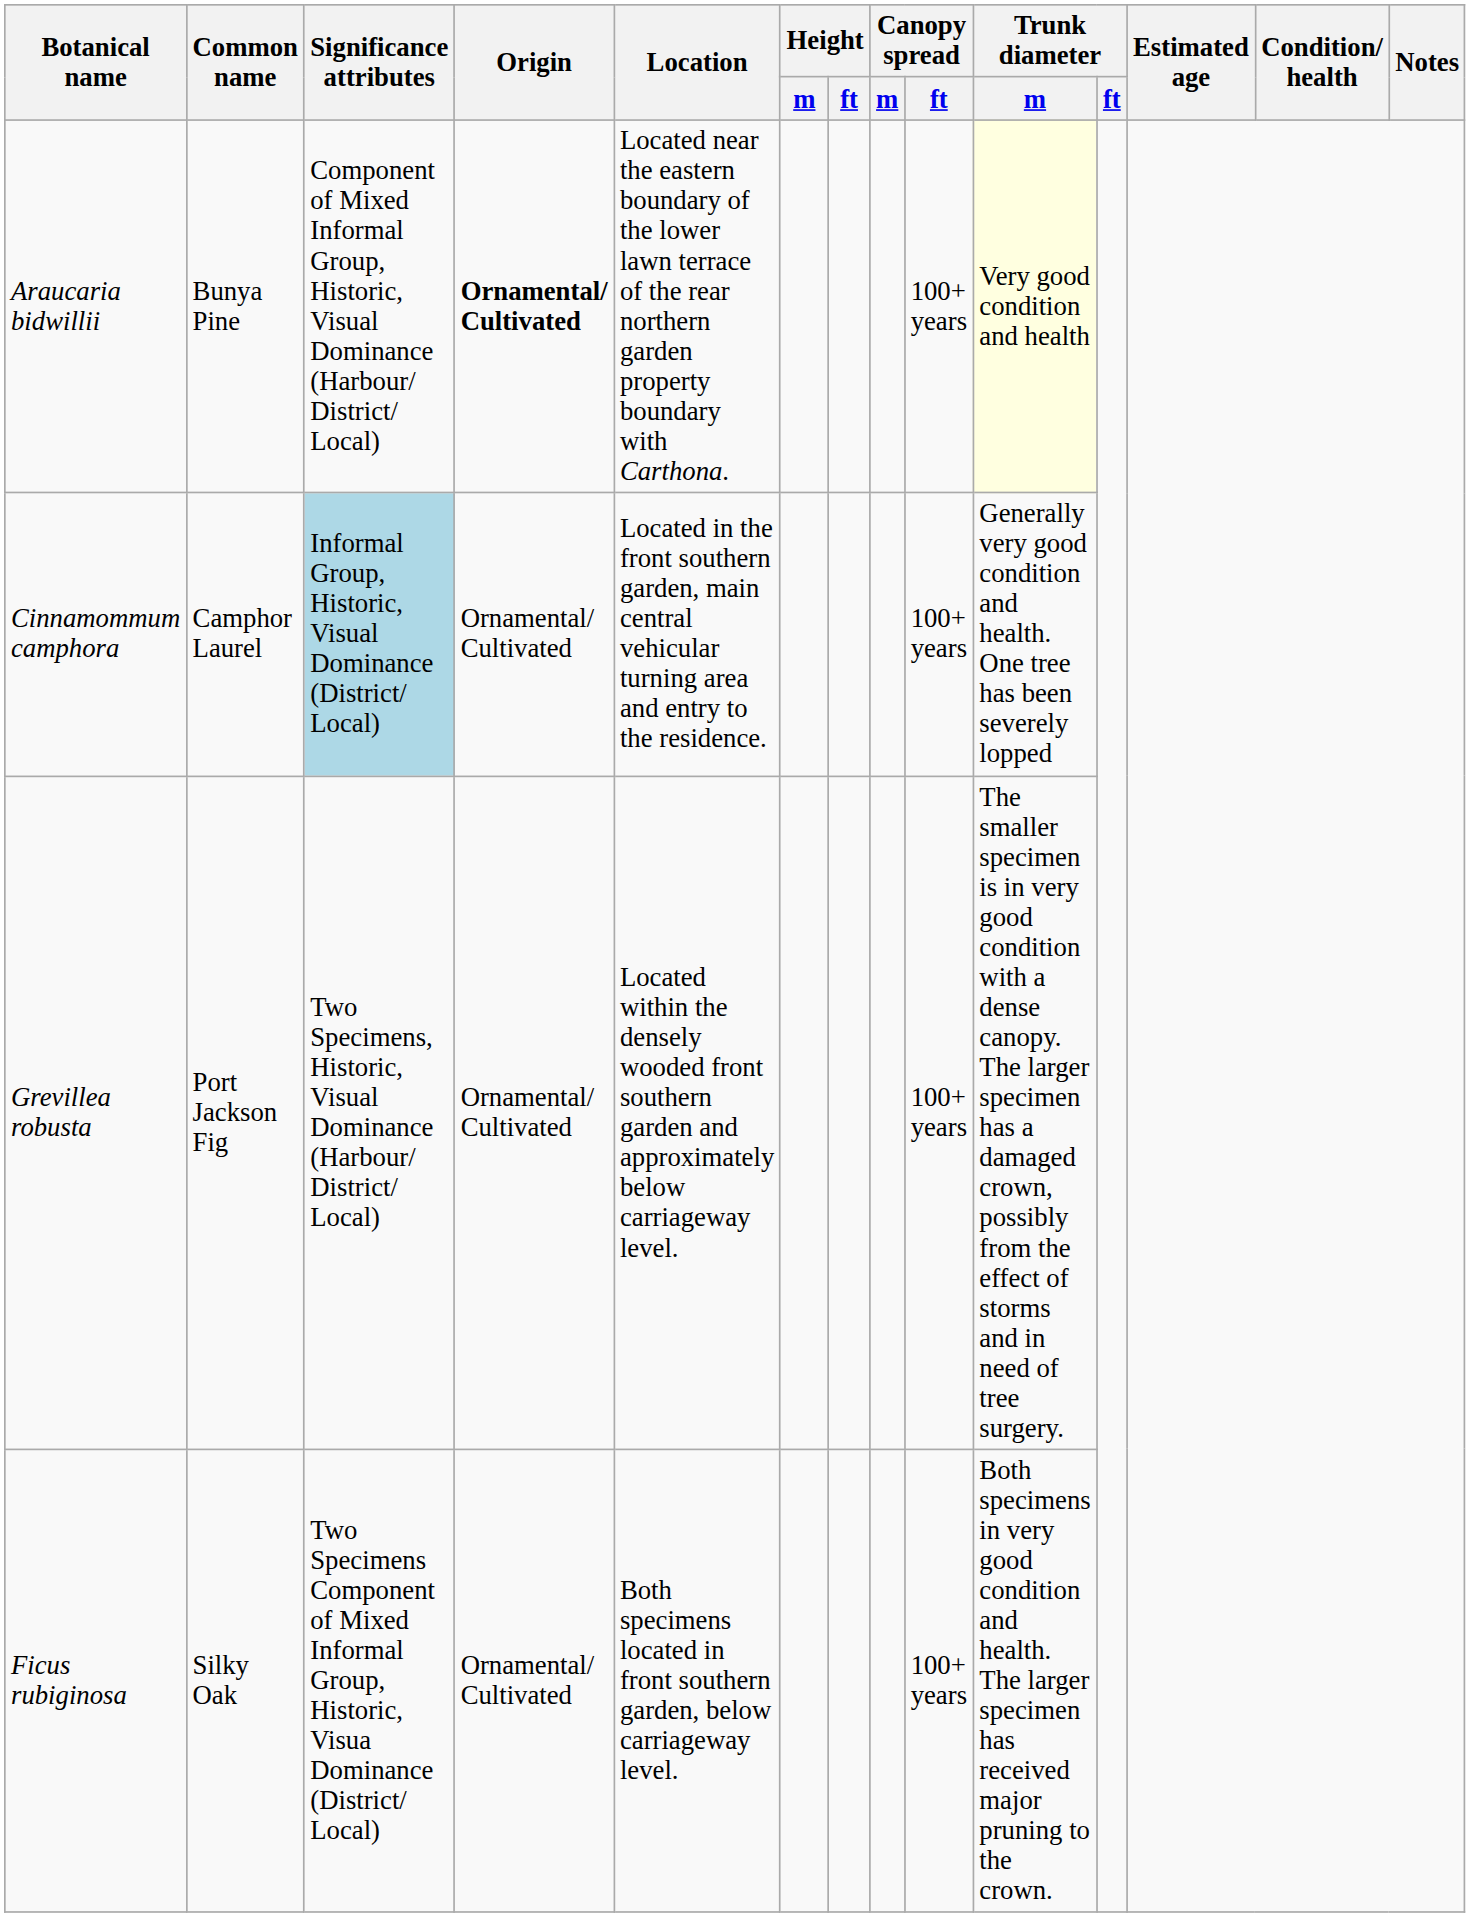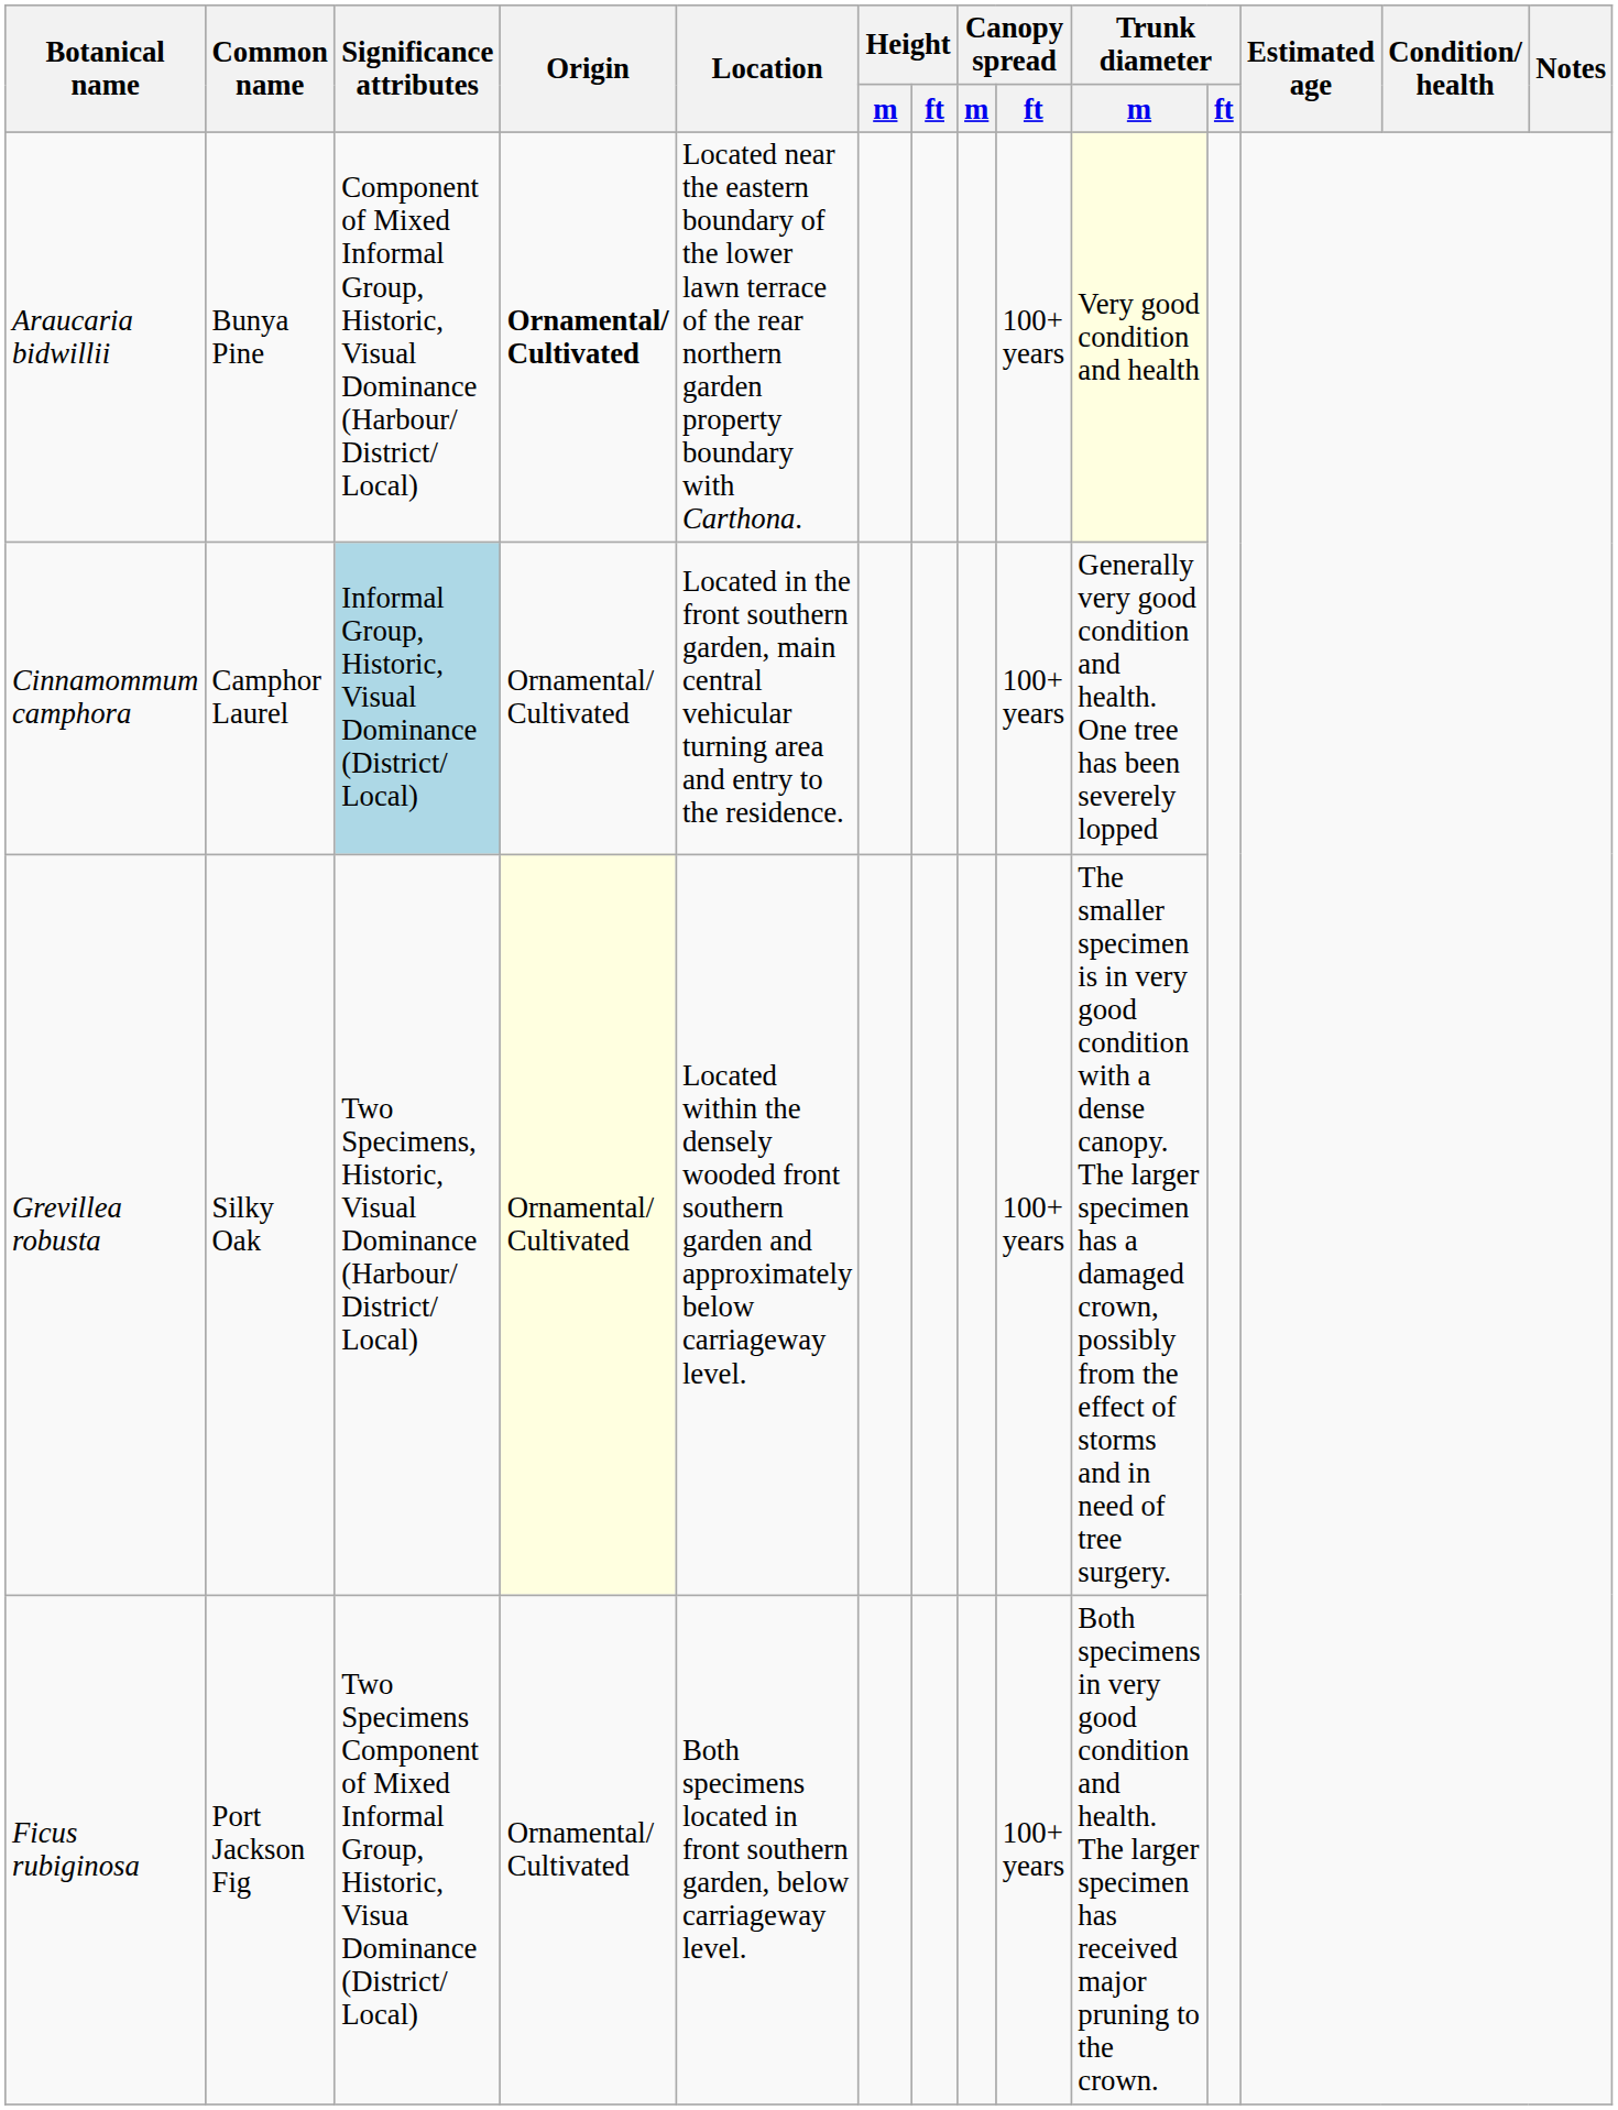 <table class="wikitable sortable collapsible">
 <tr>
 <th scope="col" rowspan=2>Botanical name</th>
 <th scope="col" rowspan=2>Common name</th>
 <th scope="col" rowspan=2>Significance attributes</th>
 <th scope="col" rowspan=2 class="unsortable">Origin</th>
 <th scope="col" rowspan=2 class="unsortable">Location</th>
 <th scope="col" colspan=2>Height<br></th>
 <th scope="col" colspan=2>Canopy spread<br></th>
 <th scope="col" colspan=2>Trunk diameter<br></th>
 <th scope="col" rowspan=2>Estimated age</th>
 <th scope="col" rowspan=2 class="unsortable">Condition/ health</th>
 <th scope="col" rowspan=2 class="unsortable">Notes</th>
 </tr>
 <tr>
 <th><a href='#'>m</a></th>
 <th><a href='#'>ft</a></th>
 <th><a href='#'>m</a></th>
 <th><a href='#'>ft</a></th>
 <th><a href='#'>m</a></th>
 <th><a href='#'>ft</a></th>
 </tr>
 <tr>
 <td><em>Araucaria bidwillii</em></td>
 <td>Bunya Pine</td>
 <td>Component of Mixed Informal Group, Historic, Visual Dominance (Harbour/ District/ Local)</td>
 <td><strong>Ornamental/ Cultivated</strong></td>
 <td>Located near the eastern boundary of the lower lawn terrace of the rear northern garden property boundary with <em>Carthona</em>.</td>
 <td></td>
 <td></td>
 <td></td>
 <td>100+ years</td>
 <td style="background: lightyellow;">Very good condition and health</td>
 <td rowspan=4></td>
 </tr>
 <tr>
 <td><em>Cinnamommum camphora</em></td>
 <td>Camphor Laurel</td>
 <td style="background: lightblue;">Informal Group, Historic, Visual Dominance (District/ Local)</td>
 <td>Ornamental/ Cultivated</td>
 <td>Located in the front southern garden, main central vehicular turning area and entry to the residence.</td>
 <td></td>
 <td></td>
 <td></td>
 <td>100+ years</td>
 <td>Generally very good condition and health. One tree has been severely lopped</td>
 </tr>
 <tr>
 <td><em>Grevillea robusta</em></td>
-<td>Port Jackson Fig</td>
+<td>Silky Oak</td>
 <td>Two Specimens, Historic, Visual Dominance (Harbour/ District/ Local)</td>
-<td>Ornamental/ Cultivated</td>
+<td style="background: lightyellow;">Ornamental/ Cultivated</td>
 <td>Located within the densely wooded front southern garden and approximately  below carriageway level.</td>
 <td></td>
 <td></td>
 <td></td>
 <td>100+ years</td>
 <td>The smaller specimen is in very good condition with a dense canopy. The larger specimen has a damaged crown, possibly from the effect of storms and in need of tree surgery.</td>
 </tr>
 <tr>
 <td><em>Ficus rubiginosa</em></td>
-<td>Silky Oak</td>
+<td>Port Jackson Fig</td>
 <td>Two Specimens Component of Mixed Informal Group, Historic, Visua Dominance (District/ Local)</td>
 <td>Ornamental/ Cultivated</td>
 <td>Both specimens located in front southern garden,  below carriageway level.</td>
 <td></td>
 <td></td>
 <td></td>
 <td>100+ years</td>
 <td>Both specimens in very good condition and health. The larger specimen has received major pruning to the crown.</td>
 </tr>
 </table>
